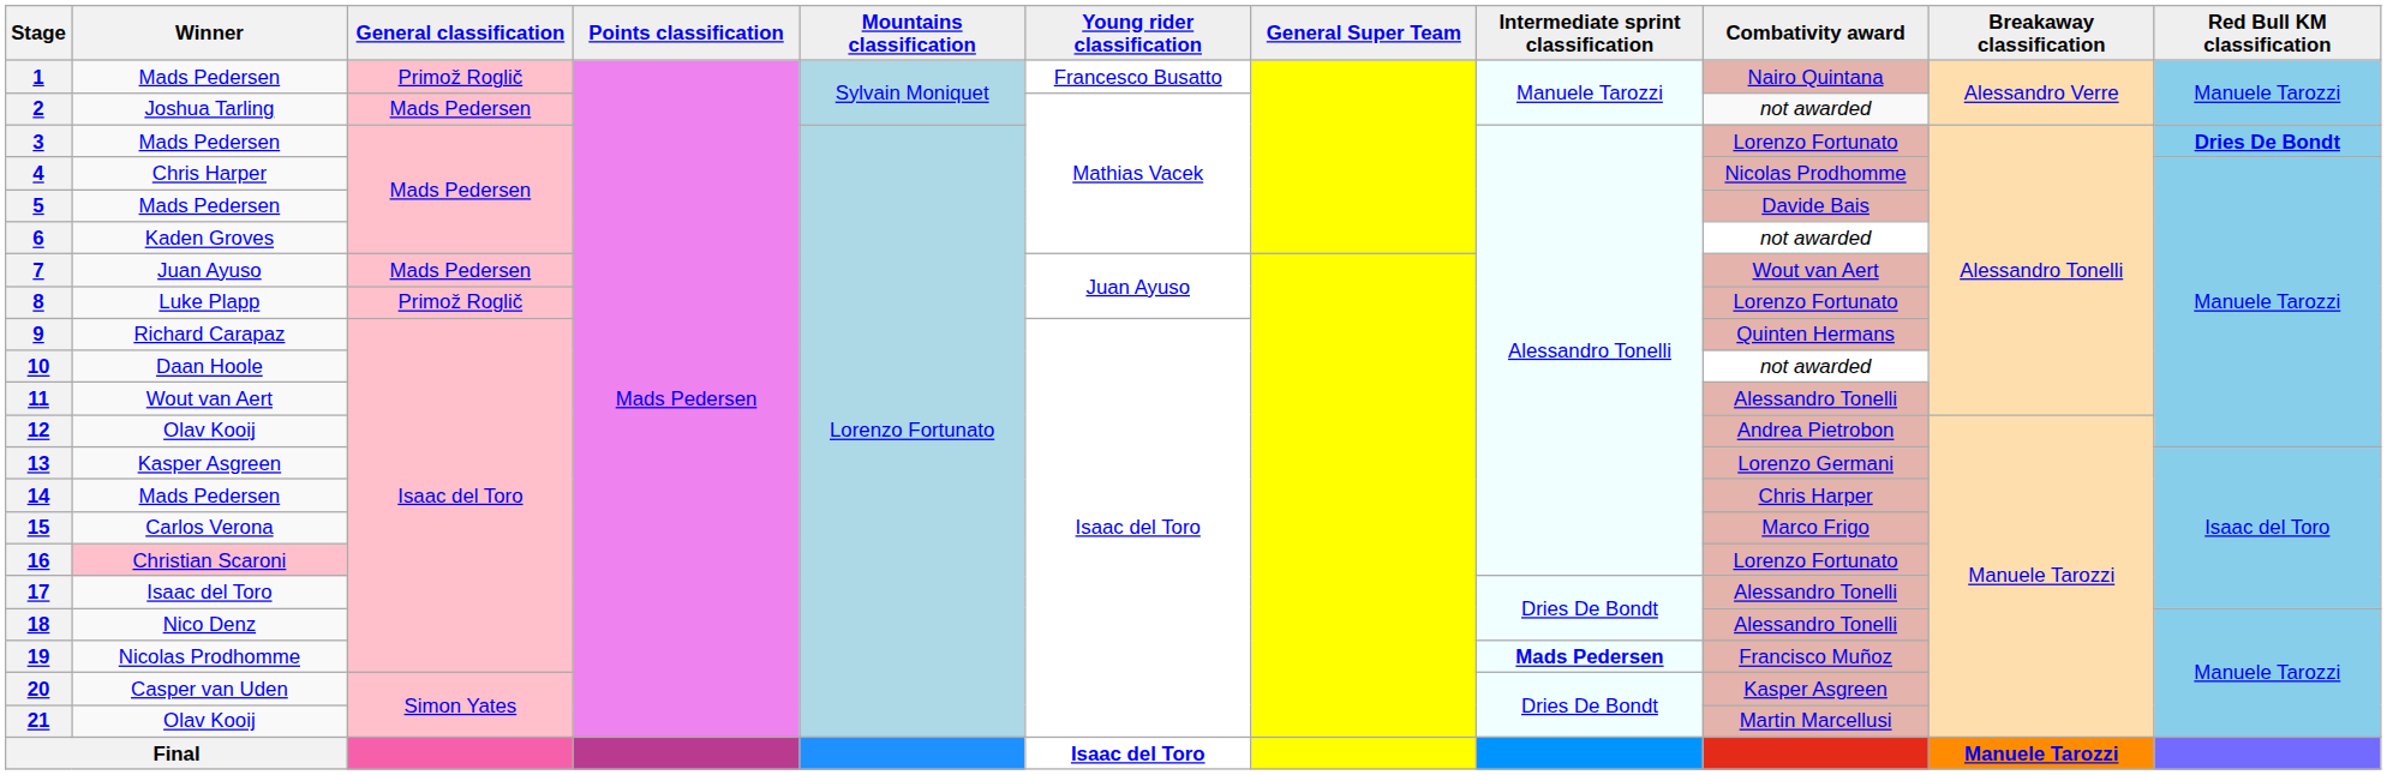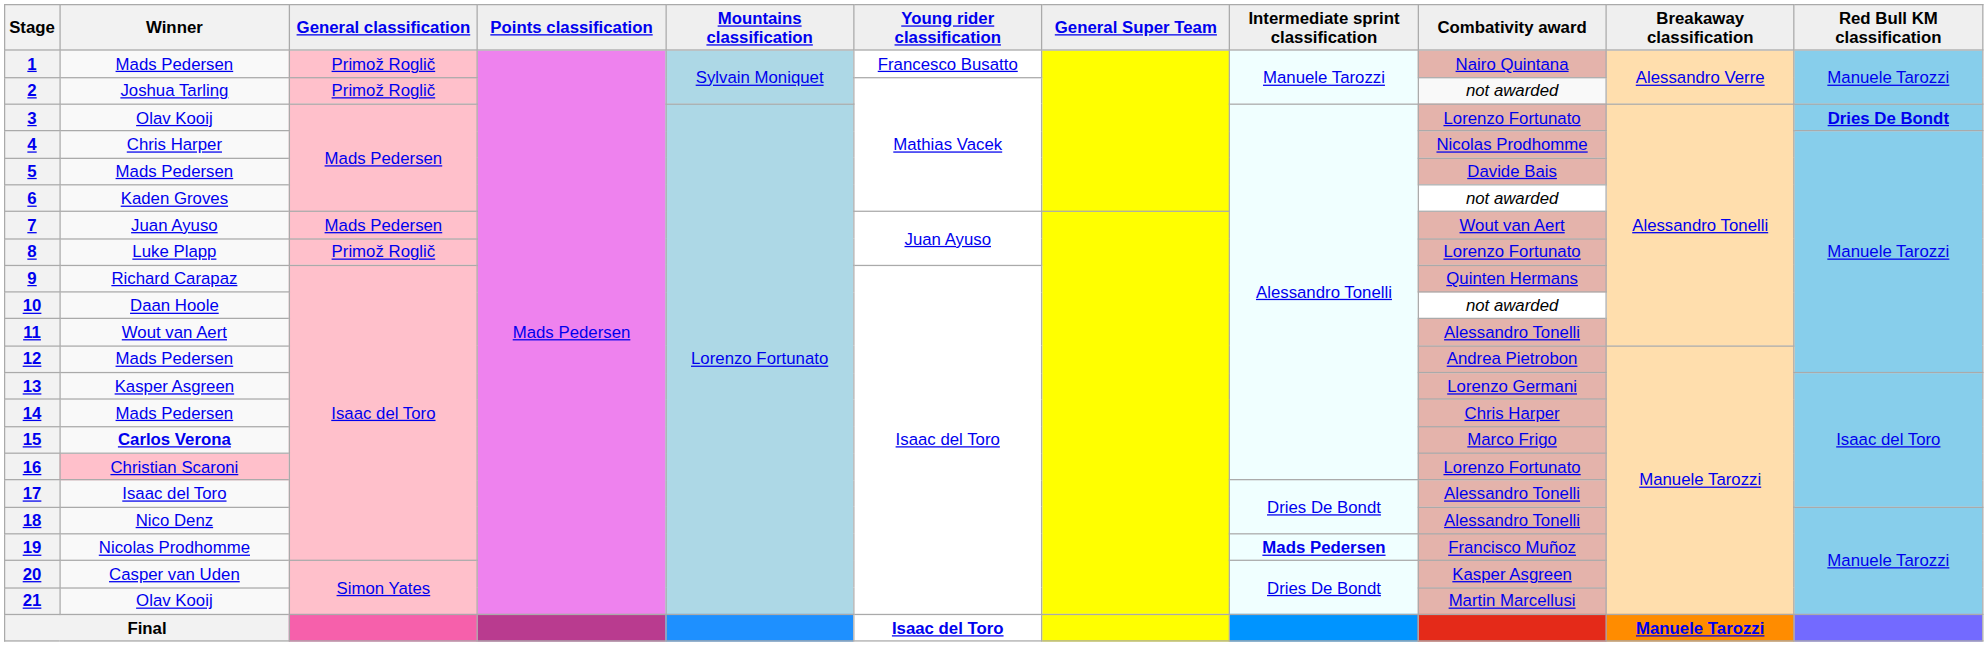 <table class="wikitable" style="text-align: center; font-size:smaller;">
 <tr style="background:#efefef;">
 <th style="width:1%;">Stage</th>
 <th style="width:11%;">Winner</th>
 <th style="background:#efefef; width:9%;"><a href='#'>General classification</a><br></th>
 <th style="background:#efefef; width:9%;"><a href='#'>Points classification</a><br></th>
 <th style="background:#efefef; width:9%;"><a href='#'>Mountains classification</a><br></th>
 <th style="background:#efefef; width:9%;"><a href='#'>Young rider classification</a><br></th>
 <th style="background:#efefef; width:9%;"><a href='#'>General Super Team</a></th>
 <th style="background:#efefef; width:9%;">Intermediate sprint classification</th>
 <th style="background:#efefef; width:9%;">Combativity award<br></th>
 <th style="background:#efefef; width:9%;">Breakaway classification</th>
 <th style="background:#efefef; width:9%;">Red Bull KM classification</th>
 </tr>
 <tr>
 <th><a href='#'>1</a></th>
 <td><a href='#'>Mads Pedersen</a></td>
 <td style="background:pink;"><a href='#'>Primož Roglič</a></td>
 <td style="background:violet;" rowspan="21"><a href='#'>Mads Pedersen</a></td>
 <td style="background:lightblue;" rowspan="2"><a href='#'>Sylvain Moniquet</a></td>
 <td style="background:white;"><a href='#'>Francesco Busatto</a></td>
 <td style="background:#FFFF00;" rowspan="6"></td>
 <td style="background:azure;" rowspan="2"><a href='#'>Manuele Tarozzi</a></td>
 <td style="background:#E4B3AB;"><a href='#'>Nairo Quintana</a></td>
 <td style="background:navajowhite;" rowspan="2"><a href='#'>Alessandro Verre</a></td>
 <td style="background:skyblue;" rowspan="2"><a href='#'>Manuele Tarozzi</a></td>
 </tr>
 <tr>
 <th><a href='#'>2</a></th>
 <td><a href='#'>Joshua Tarling</a></td>
-<td style="background:pink;"><a href='#'>Mads Pedersen</a></td>
+<td style="background:pink;"><a href='#'>Primož Roglič</a></td>
 <td style="background:white;" rowspan="5"><a href='#'>Mathias Vacek</a></td>
 <td><em>not awarded</em></td>
 </tr>
 <tr>
 <th><a href='#'>3</a></th>
-<td><a href='#'>Mads Pedersen</a></td>
+<td><a href='#'>Olav Kooij</a></td>
 <td style="background:pink;" rowspan="4"><a href='#'>Mads Pedersen</a></td>
 <td style="background:lightblue;" rowspan="19"><a href='#'>Lorenzo Fortunato</a></td>
 <td style="background:azure;" rowspan="14"><a href='#'>Alessandro Tonelli</a></td>
 <td style="background:#E4B3AB;"><a href='#'>Lorenzo Fortunato</a></td>
 <td style="background:navajowhite;" rowspan="9"><a href='#'>Alessandro Tonelli</a></td>
 <td style="background:skyblue;"><strong><a href='#'>Dries De Bondt</a></strong></td>
 </tr>
 <tr>
 <th><a href='#'>4</a></th>
 <td><a href='#'>Chris Harper</a></td>
 <td style="background:#E4B3AB;"><a href='#'>Nicolas Prodhomme</a></td>
 <td style="background:skyblue;" rowspan="9"><a href='#'>Manuele Tarozzi</a></td>
 </tr>
 <tr>
 <th><a href='#'>5</a></th>
 <td><a href='#'>Mads Pedersen</a></td>
 <td style="background:#E4B3AB;"><a href='#'>Davide Bais</a></td>
 </tr>
 <tr>
 <th><a href='#'>6</a></th>
 <td><a href='#'>Kaden Groves</a></td>
 <td style="background:white;"><em>not awarded</em></td>
 </tr>
 <tr>
 <th><a href='#'>7</a></th>
 <td><a href='#'>Juan Ayuso</a></td>
 <td style="background:pink;"><a href='#'>Mads Pedersen</a></td>
 <td style="background:white;" rowspan="2"><a href='#'>Juan Ayuso</a></td>
 <td style="background:#FFFF00;" rowspan="15"></td>
 <td style="background:#E4B3AB;"><a href='#'>Wout van Aert</a></td>
 </tr>
 <tr>
 <th><a href='#'>8</a></th>
 <td><a href='#'>Luke Plapp</a></td>
 <td style="background:pink;"><a href='#'>Primož Roglič</a></td>
 <td style="background:#E4B3AB;"><a href='#'>Lorenzo Fortunato</a></td>
 </tr>
 <tr>
 <th><a href='#'>9</a></th>
 <td><a href='#'>Richard Carapaz</a></td>
 <td style="background:pink;" rowspan="11"><a href='#'>Isaac del Toro</a></td>
 <td style="background:white;" rowspan="13"><a href='#'>Isaac del Toro</a></td>
 <td style="background:#E4B3AB;"><a href='#'>Quinten Hermans</a></td>
 </tr>
 <tr>
 <th><a href='#'>10</a></th>
 <td><a href='#'>Daan Hoole</a></td>
 <td style="background:white;"><em>not awarded</em></td>
 </tr>
 <tr>
 <th><a href='#'>11</a></th>
 <td><a href='#'>Wout van Aert</a></td>
 <td style="background:#E4B3AB;"><a href='#'>Alessandro Tonelli</a></td>
 </tr>
 <tr>
 <th><a href='#'>12</a></th>
-<td><a href='#'>Olav Kooij</a></td>
+<td><a href='#'>Mads Pedersen</a></td>
 <td style="background:#E4B3AB;"><a href='#'>Andrea Pietrobon</a></td>
 <td style="background:navajowhite;" rowspan="10"><a href='#'>Manuele Tarozzi</a></td>
 </tr>
 <tr>
 <th><a href='#'>13</a></th>
 <td><a href='#'>Kasper Asgreen</a></td>
 <td style="background:#E4B3AB;"><a href='#'>Lorenzo Germani</a></td>
 <td style="background:skyblue;" rowspan="5"><a href='#'>Isaac del Toro</a></td>
 </tr>
 <tr>
 <th><a href='#'>14</a></th>
 <td><a href='#'>Mads Pedersen</a></td>
 <td style="background:#E4B3AB;"><a href='#'>Chris Harper</a></td>
 </tr>
 <tr>
 <th><a href='#'>15</a></th>
-<td><a href='#'>Carlos Verona</a></td>
+<td><strong><a href='#'>Carlos Verona</a></strong></td>
 <td style="background:#E4B3AB;"><a href='#'>Marco Frigo</a></td>
 </tr>
 <tr>
 <th><a href='#'>16</a></th>
 <td style="background: pink;"><a href='#'>Christian Scaroni</a></td>
 <td style="background:#E4B3AB;"><a href='#'>Lorenzo Fortunato</a></td>
 </tr>
 <tr>
 <th><a href='#'>17</a></th>
 <td><a href='#'>Isaac del Toro</a></td>
 <td style="background:azure;" rowspan="2"><a href='#'>Dries De Bondt</a></td>
 <td style="background:#E4B3AB;"><a href='#'>Alessandro Tonelli</a></td>
 </tr>
 <tr>
 <th><a href='#'>18</a></th>
 <td><a href='#'>Nico Denz</a></td>
 <td style="background:#E4B3AB;"><a href='#'>Alessandro Tonelli</a></td>
 <td style="background:skyblue;" rowspan="4"><a href='#'>Manuele Tarozzi</a></td>
 </tr>
 <tr>
 <th><a href='#'>19</a></th>
 <td><a href='#'>Nicolas Prodhomme</a></td>
 <td style="background:azure;"><strong><a href='#'>Mads Pedersen</a></strong></td>
 <td style="background:#E4B3AB;"><a href='#'>Francisco Muñoz</a></td>
 </tr>
 <tr>
 <th><a href='#'>20</a></th>
 <td><a href='#'>Casper van Uden</a></td>
 <td style="background:pink;" rowspan="2"><a href='#'>Simon Yates</a></td>
 <td style="background:azure;" rowspan="2"><a href='#'>Dries De Bondt</a></td>
 <td style="background:#E4B3AB;"><a href='#'>Kasper Asgreen</a></td>
 </tr>
 <tr>
 <th><a href='#'>21</a></th>
 <td><a href='#'>Olav Kooij</a></td>
 <td style="background:#E4B3AB;"><a href='#'>Martin Marcellusi</a></td>
 </tr>
 <tr>
 <th colspan="2">Final</th>
 <th style="background:#F660AB;"></th>
 <th style="background:#B93B8F;"></th>
 <th style="background:dodgerblue;"></th>
 <th style="background:white;"><a href='#'>Isaac del Toro</a></th>
 <th style="background:yellow;"></th>
 <th style="background:#0094FF"></th>
 <th style="background:#E42A19;"></th>
 <th style="background:#FF8C00;"><a href='#'>Manuele Tarozzi</a></th>
 <th style="background:#736aff;"></th>
 </tr>
 </table>
